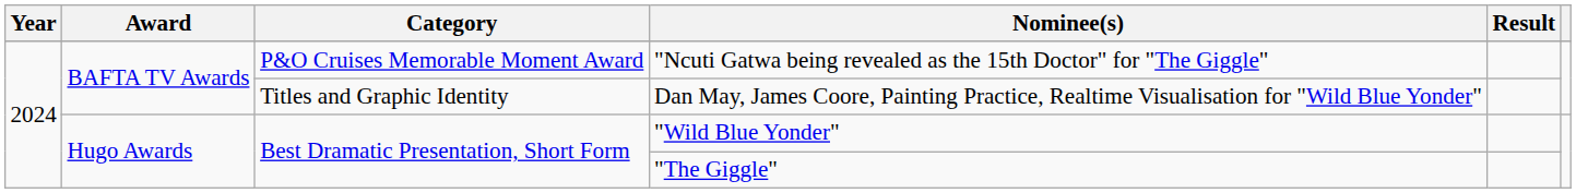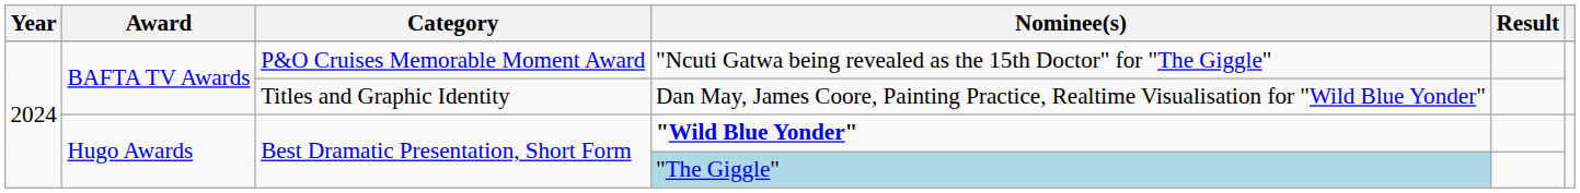 <table class="wikitable sortable">
 <tr>
 <th>Year</th>
 <th>Award</th>
 <th>Category</th>
 <th>Nominee(s)</th>
 <th>Result</th>
 <th class="unsortable"></th>
 </tr>
 <tr>
 </tr>
 <tr>
 <td rowspan="4">2024</td>
 <td rowspan="2"><a href='#'>BAFTA TV Awards</a></td>
 <td><a href='#'>P&O Cruises Memorable Moment Award</a></td>
 <td>"Ncuti Gatwa being revealed as the 15th Doctor" for "<a href='#'>The Giggle</a>"</td>
 <td></td>
 <td rowspan="2" align="center"></td>
 </tr>
 <tr>
 <td>Titles and Graphic Identity</td>
 <td>Dan May, James Coore, Painting Practice, Realtime Visualisation for "<a href='#'>Wild Blue Yonder</a>"</td>
 <td></td>
 </tr>
 <tr>
 <td rowspan="2"><a href='#'>Hugo Awards</a></td>
 <td rowspan="2"><a href='#'>Best Dramatic Presentation, Short Form</a></td>
-<td>"<a href='#'>Wild Blue Yonder</a>"</td>
+<td><strong>"<a href='#'>Wild Blue Yonder</a>"</strong></td>
 <td></td>
 <td rowspan="2" align="center"></td>
 </tr>
 <tr>
-<td>"<a href='#'>The Giggle</a>"</td>
+<td style="background: lightblue;">"<a href='#'>The Giggle</a>"</td>
 <td></td>
 </tr>
 </table>
